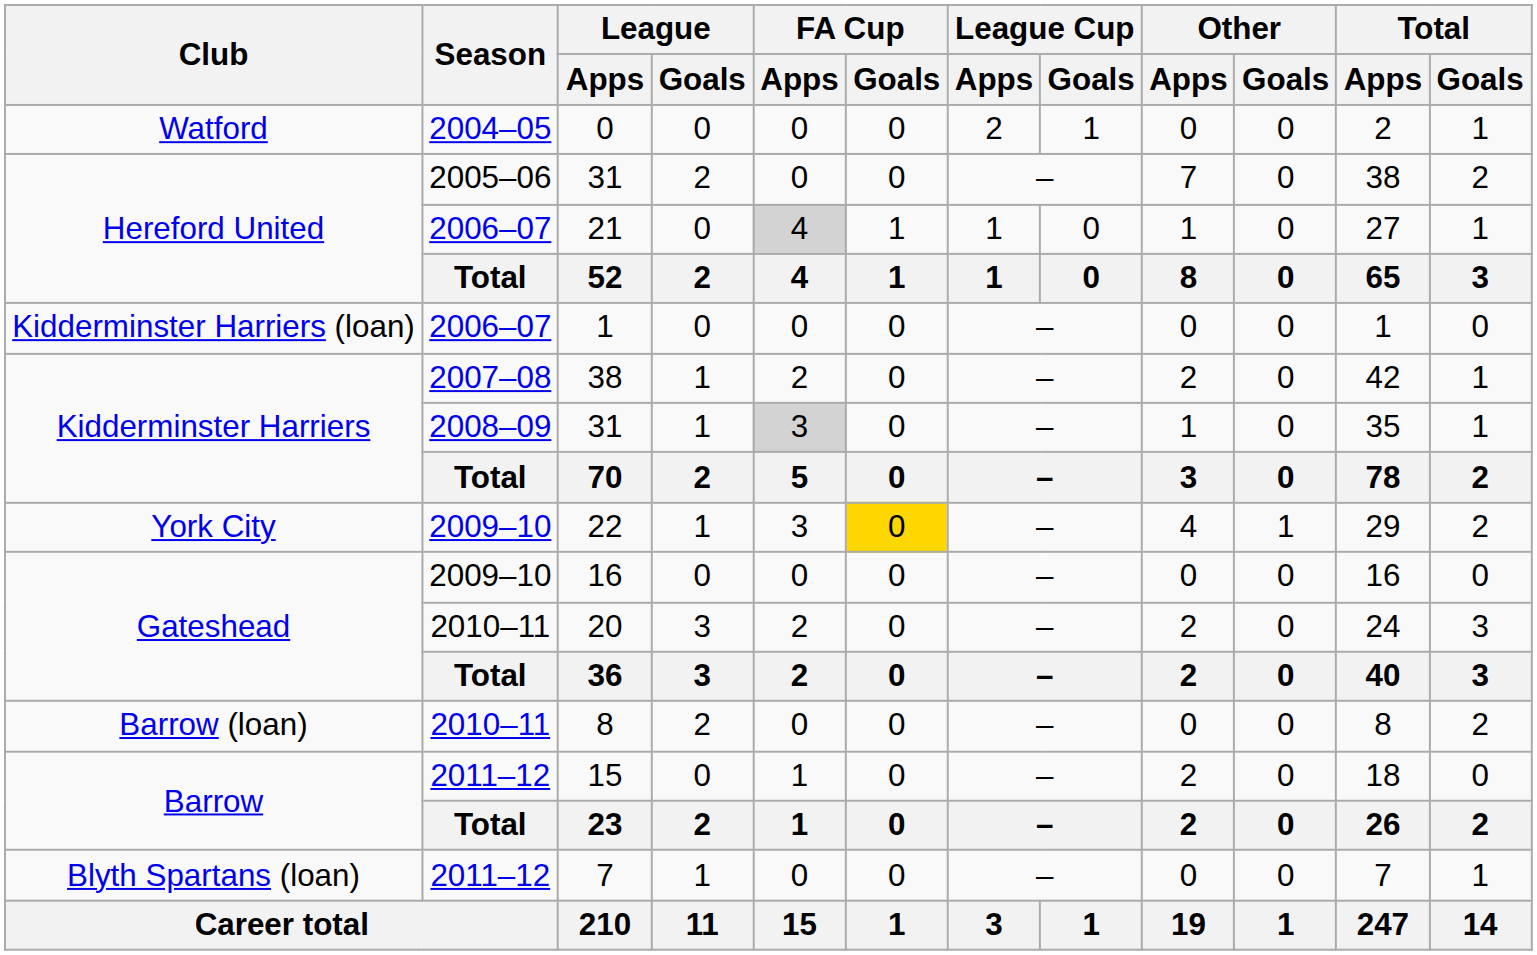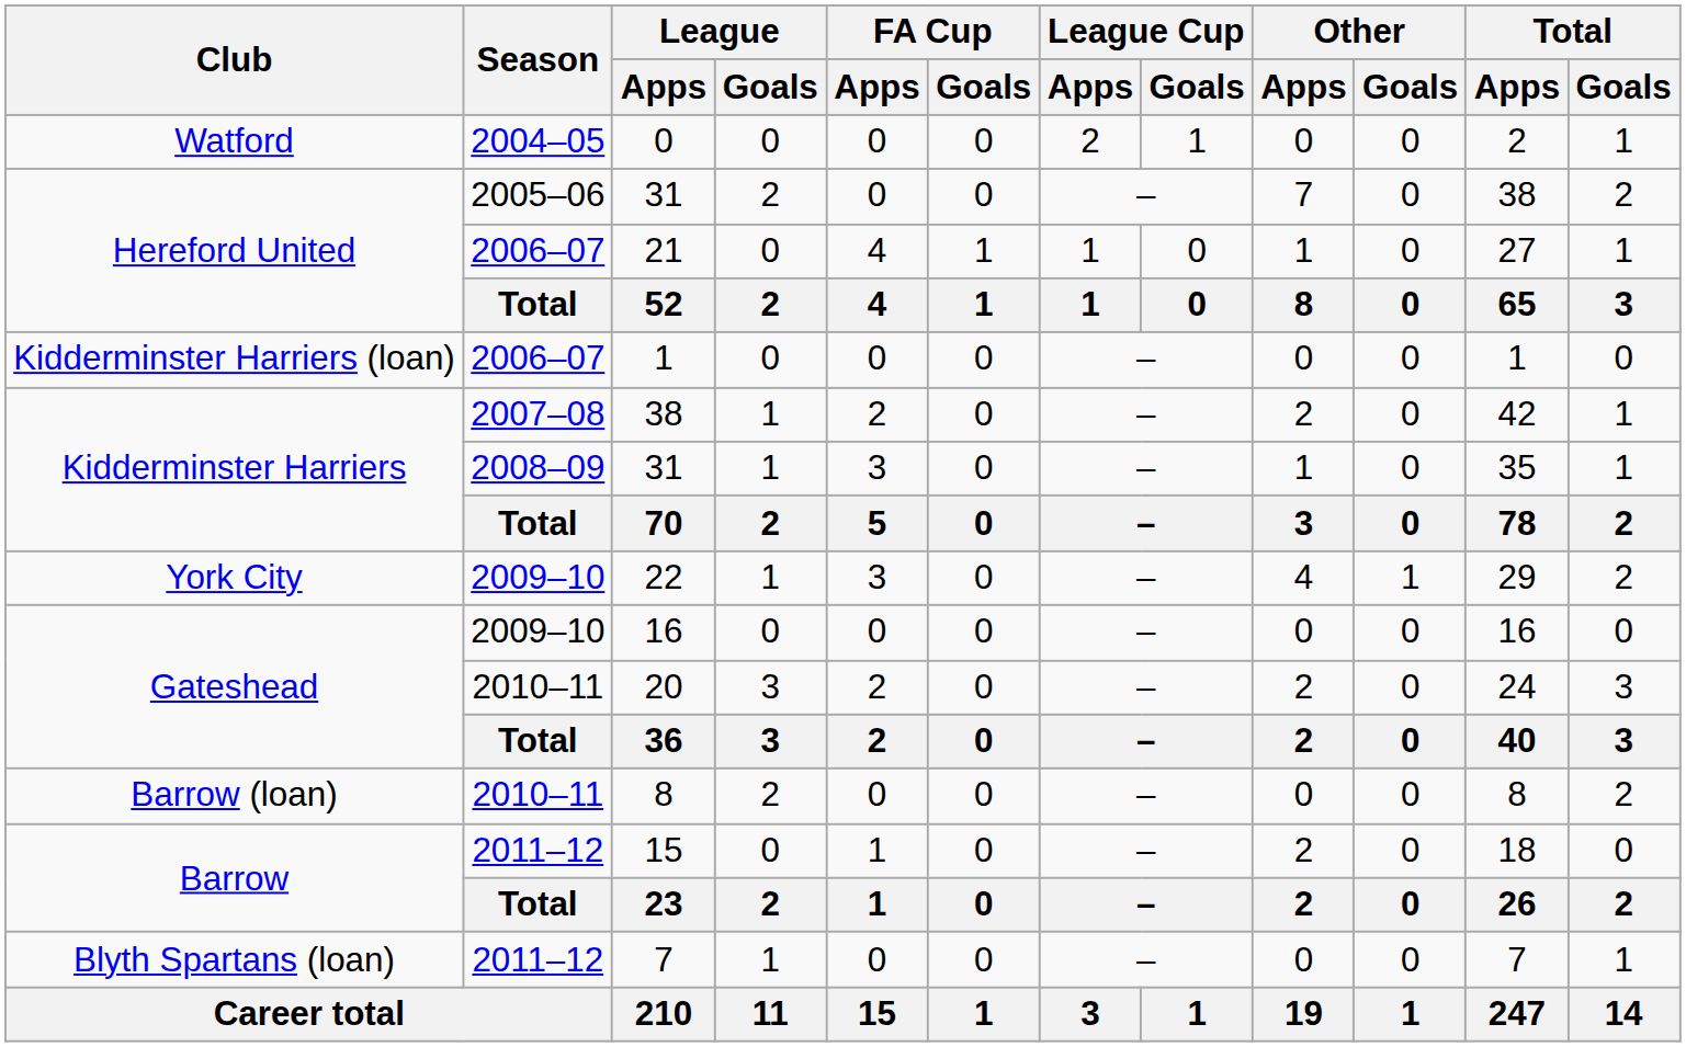 <table class="wikitable" style="text-align: center;">
 <tr>
 <th rowspan="2">Club</th>
 <th rowspan="2">Season</th>
 <th colspan="2">League</th>
 <th colspan="2">FA Cup</th>
 <th colspan="2">League Cup</th>
 <th colspan="2">Other</th>
 <th colspan="2">Total</th>
 </tr>
 <tr>
 <th>Apps</th>
 <th>Goals</th>
 <th>Apps</th>
 <th>Goals</th>
 <th>Apps</th>
 <th>Goals</th>
 <th>Apps</th>
 <th>Goals</th>
 <th>Apps</th>
 <th>Goals</th>
 </tr>
 <tr>
 <td rowspan="1" valign="center"><a href='#'>Watford</a></td>
 <td><a href='#'>2004–05</a></td>
 <td>0</td>
 <td>0</td>
 <td>0</td>
 <td>0</td>
 <td>2</td>
 <td>1</td>
 <td>0</td>
 <td>0</td>
 <td>2</td>
 <td>1</td>
 </tr>
 <tr>
 <td rowspan="3" valign="center"><a href='#'>Hereford United</a></td>
 <td>2005–06</td>
 <td>31</td>
 <td>2</td>
 <td>0</td>
 <td>0</td>
 <td colspan="2">–</td>
 <td>7</td>
 <td>0</td>
 <td>38</td>
 <td>2</td>
 </tr>
 <tr>
 <td><a href='#'>2006–07</a></td>
 <td>21</td>
 <td>0</td>
-<td style="background: lightgrey;">4</td>
+<td>4</td>
 <td>1</td>
 <td>1</td>
 <td>0</td>
 <td>1</td>
 <td>0</td>
 <td>27</td>
 <td>1</td>
 </tr>
 <tr>
 <th>Total</th>
 <th>52</th>
 <th>2</th>
 <th>4</th>
 <th>1</th>
 <th>1</th>
 <th>0</th>
 <th>8</th>
 <th>0</th>
 <th>65</th>
 <th>3</th>
 </tr>
 <tr>
 <td rowspan="1" valign="center"><a href='#'>Kidderminster Harriers</a> (loan)</td>
 <td><a href='#'>2006–07</a></td>
 <td>1</td>
 <td>0</td>
 <td>0</td>
 <td>0</td>
 <td colspan="2">–</td>
 <td>0</td>
 <td>0</td>
 <td>1</td>
 <td>0</td>
 </tr>
 <tr>
 <td rowspan="3" valign="center"><a href='#'>Kidderminster Harriers</a></td>
 <td><a href='#'>2007–08</a></td>
 <td>38</td>
 <td>1</td>
 <td>2</td>
 <td>0</td>
 <td colspan="2">–</td>
 <td>2</td>
 <td>0</td>
 <td>42</td>
 <td>1</td>
 </tr>
 <tr>
 <td><a href='#'>2008–09</a></td>
 <td>31</td>
 <td>1</td>
-<td style="background: lightgrey;">3</td>
+<td>3</td>
 <td>0</td>
 <td colspan="2">–</td>
 <td>1</td>
 <td>0</td>
 <td>35</td>
 <td>1</td>
 </tr>
 <tr>
 <th>Total</th>
 <th>70</th>
 <th>2</th>
 <th>5</th>
 <th>0</th>
 <th colspan="2">–</th>
 <th>3</th>
 <th>0</th>
 <th>78</th>
 <th>2</th>
 </tr>
 <tr>
 <td rowspan="1" valign="center"><a href='#'>York City</a></td>
 <td><a href='#'>2009–10</a></td>
 <td>22</td>
 <td>1</td>
 <td>3</td>
-<td style="background: gold;">0</td>
+<td>0</td>
 <td colspan="2">–</td>
 <td>4</td>
 <td>1</td>
 <td>29</td>
 <td>2</td>
 </tr>
 <tr>
 <td rowspan="3" valign="center"><a href='#'>Gateshead</a></td>
 <td>2009–10</td>
 <td>16</td>
 <td>0</td>
 <td>0</td>
 <td>0</td>
 <td colspan="2">–</td>
 <td>0</td>
 <td>0</td>
 <td>16</td>
 <td>0</td>
 </tr>
 <tr>
 <td>2010–11</td>
 <td>20</td>
 <td>3</td>
 <td>2</td>
 <td>0</td>
 <td colspan="2">–</td>
 <td>2</td>
 <td>0</td>
 <td>24</td>
 <td>3</td>
 </tr>
 <tr>
 <th>Total</th>
 <th>36</th>
 <th>3</th>
 <th>2</th>
 <th>0</th>
 <th colspan="2">–</th>
 <th>2</th>
 <th>0</th>
 <th>40</th>
 <th>3</th>
 </tr>
 <tr>
 <td rowspan="1" valign="center"><a href='#'>Barrow</a> (loan)</td>
 <td><a href='#'>2010–11</a></td>
 <td>8</td>
 <td>2</td>
 <td>0</td>
 <td>0</td>
 <td colspan="2">–</td>
 <td>0</td>
 <td>0</td>
 <td>8</td>
 <td>2</td>
 </tr>
 <tr>
 <td rowspan="2" valign="center"><a href='#'>Barrow</a></td>
 <td><a href='#'>2011–12</a></td>
 <td>15</td>
 <td>0</td>
 <td>1</td>
 <td>0</td>
 <td colspan="2">–</td>
 <td>2</td>
 <td>0</td>
 <td>18</td>
 <td>0</td>
 </tr>
 <tr>
 <th>Total</th>
 <th>23</th>
 <th>2</th>
 <th>1</th>
 <th>0</th>
 <th colspan="2">–</th>
 <th>2</th>
 <th>0</th>
 <th>26</th>
 <th>2</th>
 </tr>
 <tr>
 <td valign="center"><a href='#'>Blyth Spartans</a> (loan)</td>
 <td><a href='#'>2011–12</a></td>
 <td>7</td>
 <td>1</td>
 <td>0</td>
 <td>0</td>
 <td colspan="2">–</td>
 <td>0</td>
 <td>0</td>
 <td>7</td>
 <td>1</td>
 </tr>
 <tr>
 <th colspan="2">Career total</th>
 <th>210</th>
 <th>11</th>
 <th>15</th>
 <th>1</th>
 <th>3</th>
 <th>1</th>
 <th>19</th>
 <th>1</th>
 <th>247</th>
 <th>14</th>
 </tr>
 </table>
